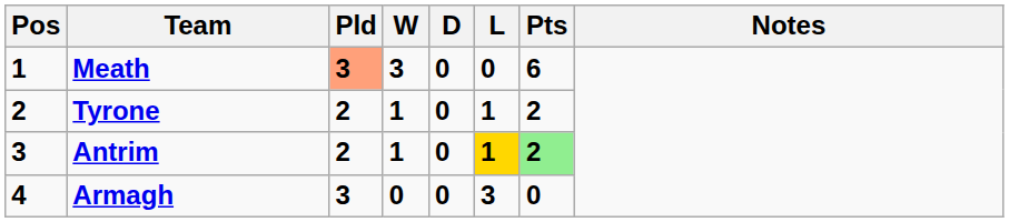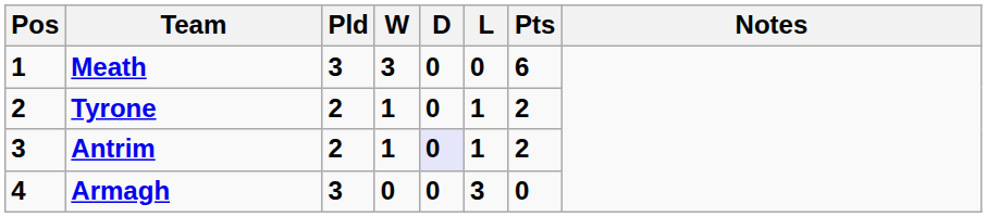 <table class="wikitable" style="text-align: centre;">
 <tr>
 <th width=20>Pos</th>
 <th width=150>Team</th>
 <th width=20>Pld</th>
 <th width=20>W</th>
 <th width=20>D</th>
 <th width=20>L</th>
 <th width=20>Pts</th>
 <th width=250>Notes</th>
 </tr>
 <tr style>
 <td><strong>1</strong></td>
 <td align=left><strong> <a href='#'>Meath</a> </strong></td>
-<td style="background: lightsalmon;"><strong>3</strong></td>
+<td><strong>3</strong></td>
 <td><strong>3</strong></td>
 <td><strong>0</strong></td>
 <td><strong>0</strong></td>
 <td><strong>6</strong></td>
 </tr>
 <tr style>
 <td><strong>2</strong></td>
 <td align=left><strong> <a href='#'>Tyrone</a> </strong></td>
 <td><strong>2</strong></td>
 <td><strong>1</strong></td>
 <td><strong>0</strong></td>
 <td><strong>1</strong></td>
 <td><strong>2</strong></td>
 </tr>
 <tr style>
 <td><strong>3</strong></td>
 <td align=left><strong> <a href='#'>Antrim</a> </strong></td>
 <td><strong>2</strong></td>
 <td><strong>1</strong></td>
-<td><strong>0</strong></td>
-<td style="background: gold;"><strong>1</strong></td>
-<td style="background: lightgreen;"><strong>2</strong></td>
+<td style="background: lavender;"><strong>0</strong></td>
+<td><strong>1</strong></td>
+<td><strong>2</strong></td>
 </tr>
 <tr style>
 <td><strong>4</strong></td>
 <td align=left><strong> <a href='#'>Armagh</a> </strong></td>
 <td><strong>3</strong></td>
 <td><strong>0</strong></td>
 <td><strong>0</strong></td>
 <td><strong>3</strong></td>
 <td><strong>0</strong></td>
 </tr>
 </table>
